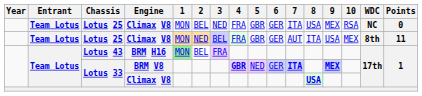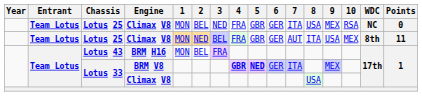 <table class="wikitable" style="text-align:center; font-size:90%">
 <tr>
 <th>Year</th>
 <th>Entrant</th>
 <th>Chassis</th>
 <th>Engine</th>
 <th>1</th>
 <th>2</th>
 <th>3</th>
 <th>4</th>
 <th>5</th>
 <th>6</th>
 <th>7</th>
 <th>8</th>
 <th>9</th>
 <th>10</th>
 <th>WDC</th>
 <th>Points</th>
 </tr>
 <tr>
 <td></td>
 <th><a href='#'>Team Lotus</a></th>
 <th><a href='#'>Lotus</a> <a href='#'>25</a></th>
 <th><a href='#'>Climax</a> <a href='#'>V8</a></th>
 <td><a href='#'>MON</a></td>
 <td><a href='#'>BEL</a></td>
 <td><a href='#'>NED</a></td>
 <td style="background:#fff;"><a href='#'>FRA</a><br></td>
 <td><a href='#'>GBR</a></td>
 <td><a href='#'>GER</a></td>
 <td><a href='#'>ITA</a></td>
 <td><a href='#'>USA</a></td>
 <td><a href='#'>MEX</a></td>
 <td><a href='#'>RSA</a></td>
 <th>NC</th>
 <th>0</th>
 </tr>
 <tr>
 <td></td>
 <th><a href='#'>Team Lotus</a></th>
 <th><a href='#'>Lotus</a> <a href='#'>25</a></th>
 <th><a href='#'>Climax</a> <a href='#'>V8</a></th>
 <td style="background:#FFDF9F;"><a href='#'>MON</a><br></td>
 <td style="background:#FFDF9F;"><a href='#'>NED</a><br></td>
 <td style="background:#CFCFFF;"><a href='#'>BEL</a><br></td>
 <td style="background:#DFFFDF;"><a href='#'>FRA</a><br></td>
 <td><a href='#'>GBR</a></td>
 <td><a href='#'>GER</a></td>
 <td><a href='#'>AUT</a></td>
 <td><a href='#'>ITA</a></td>
 <td><a href='#'>USA</a></td>
 <td><a href='#'>MEX</a></td>
 <th>8th</th>
 <th>11</th>
 </tr>
 <tr>
 <td rowspan=3></td>
 <th rowspan=3><a href='#'>Team Lotus</a></th>
 <th><a href='#'>Lotus</a> <a href='#'>43</a></th>
 <th><a href='#'>BRM</a> <a href='#'>H16</a></th>
-<td style="background: lightgreen;"><a href='#'>MON</a></td>
+<td><a href='#'>MON</a></td>
 <td style="background:#fff;"><a href='#'>BEL</a><br></td>
 <td style="background:#EFCFFF;"><a href='#'>FRA</a><br></td>
 <td></td>
 <td></td>
 <td></td>
 <td></td>
 <td></td>
 <td></td>
 <td></td>
 <th rowspan=3>17th</th>
 <th rowspan=3>1</th>
 </tr>
 <tr>
 <th rowspan=2><a href='#'>Lotus</a> <a href='#'>33</a></th>
 <th><a href='#'>BRM</a> <a href='#'>V8</a></th>
 <td></td>
 <td></td>
 <td></td>
 <td style="background:#EFCFFF;"><strong><a href='#'>GBR</a><br></strong></td>
-<td style="background:#EFCFFF;"><a href='#'>NED</a><br></td>
+<td style="background:#EFCFFF;"><strong><a href='#'>NED</a><br></strong></td>
 <td style="background:#CFCFFF;"><a href='#'>GER</a><br></td>
-<td style="background:#CFCFFF;"><strong><a href='#'>ITA</a><br></strong></td>
+<td style="background:#CFCFFF;"><a href='#'>ITA</a><br></td>
 <td></td>
-<td style="background:#CFCFFF;"><strong><a href='#'>MEX</a><br></strong></td>
+<td style="background:#CFCFFF;"><a href='#'>MEX</a><br></td>
 <td></td>
 </tr>
 <tr>
 <th><a href='#'>Climax</a> <a href='#'>V8</a></th>
 <td></td>
 <td></td>
 <td></td>
 <td></td>
 <td></td>
 <td></td>
 <td></td>
-<td style="background:#DFFFDF;"><strong><a href='#'>USA</a><br></strong></td>
+<td style="background:#DFFFDF;"><a href='#'>USA</a><br></td>
 <td></td>
 <td></td>
 </tr>
 <tr>
 <th colspan="16"></th>
 </tr>
 </table>
